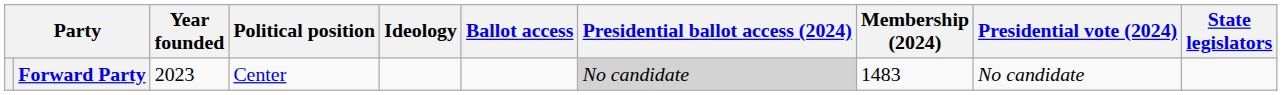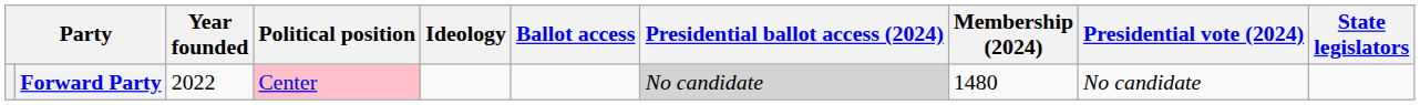 <table class="wikitable sortable plainrowheaders">
 <tr>
 <th colspan="2" scope="col">Party</th>
 <th scope="col">Year<br>founded</th>
 <th>Political position</th>
 <th scope="col">Ideology</th>
 <th scope="col"><a href='#'>Ballot access</a></th>
 <th scope="col"><a href='#'>Presidential ballot access (2024)</a></th>
 <th scope="col">Membership<br>(2024)</th>
 <th scope="col"><a href='#'>Presidential vote (2024)</a></th>
 <th scope="col"><a href='#'>State<br>legislators</a></th>
 </tr>
 <tr>
 <th style="background-color:"></th>
 <th><a href='#'>Forward Party</a></th>
-<td>2023</td>
-<td><a href='#'>Center</a></td>
+<td>2022</td>
+<td style="background: pink;"><a href='#'>Center</a></td>
 <td></td>
 <td></td>
 <td style="background: lightgrey;"><em>No candidate</em></td>
-<td>1483</td>
+<td>1480</td>
 <td><em>No candidate</em></td>
 <td></td>
 </tr>
 </table>
